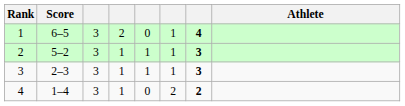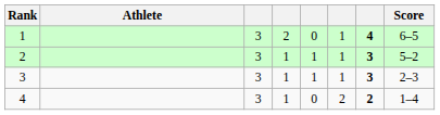 <table class="wikitable" style="text-align: center; font-size:90% ">
 <tr>
 <th width=25>Rank</th>
-<th width=50>Score</th>
+<th width=225>Athlete</th>
 <th width=25></th>
 <th width=25></th>
 <th width=25></th>
 <th width=25></th>
 <th width=25></th>
-<th width=225>Athlete</th>
+<th width=50>Score</th>
 </tr>
 <tr bgcolor=ccffcc>
 <td>1</td>
-<td>6–5</td>
+<td align=left></td>
 <td>3</td>
 <td>2</td>
 <td>0</td>
 <td>1</td>
 <td><strong>4</strong></td>
-<td align=left></td>
+<td>6–5</td>
 </tr>
 <tr bgcolor=ccffcc>
 <td>2</td>
-<td>5–2</td>
+<td align=left></td>
 <td>3</td>
 <td>1</td>
 <td>1</td>
 <td>1</td>
 <td><strong>3</strong></td>
-<td align=left></td>
+<td>5–2</td>
 </tr>
 <tr>
 <td>3</td>
-<td>2–3</td>
+<td align=left></td>
 <td>3</td>
 <td>1</td>
 <td>1</td>
 <td>1</td>
 <td><strong>3</strong></td>
-<td align=left></td>
+<td>2–3</td>
 </tr>
 <tr>
 <td>4</td>
-<td>1–4</td>
+<td align=left></td>
 <td>3</td>
 <td>1</td>
 <td>0</td>
 <td>2</td>
 <td><strong>2</strong></td>
-<td align=left></td>
+<td>1–4</td>
 </tr>
 </table>
